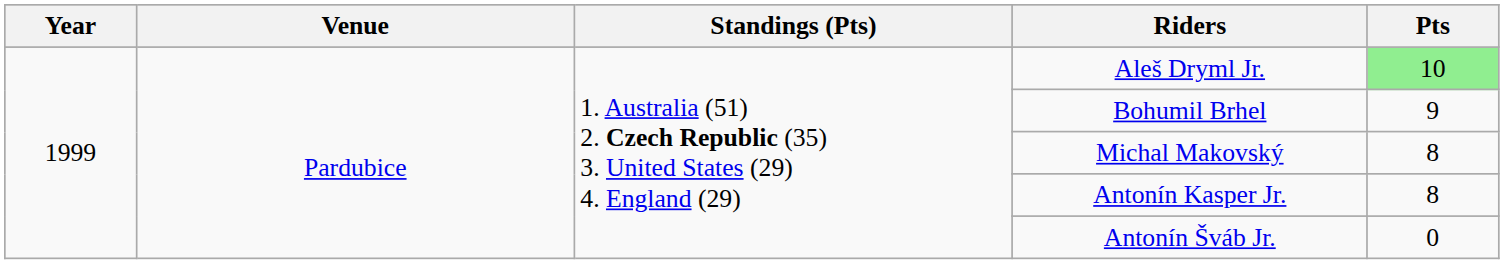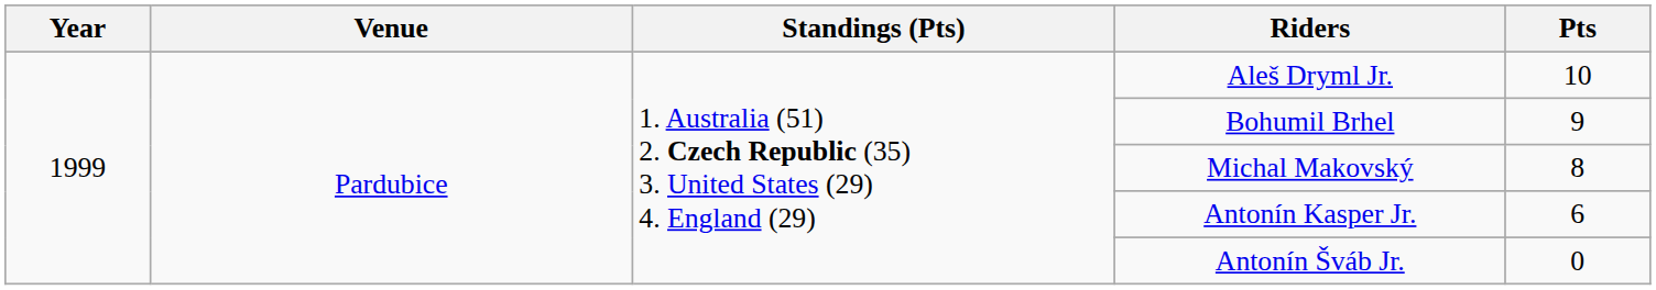 <table class="wikitable"   style="font-size: 95%; width: 70%; text-align: center;">
 <tr>
 <th width=40>Year</th>
 <th width=150>Venue</th>
 <th width=150>Standings (Pts)</th>
 <th width=120>Riders</th>
 <th width=40>Pts</th>
 </tr>
 <tr>
 <td rowspan="5">1999</td>
 <td rowspan="5"><br><a href='#'>Pardubice</a></td>
 <td rowspan="5" style="text-align: left;">1.  <a href='#'>Australia</a> (51)<br>2.  <strong>Czech Republic</strong> (35)<br>3.  <a href='#'>United States</a> (29)<br>4.  <a href='#'>England</a> (29)</td>
 <td><a href='#'>Aleš Dryml Jr.</a></td>
-<td style="background: lightgreen;">10</td>
+<td>10</td>
 </tr>
 <tr>
 <td><a href='#'>Bohumil Brhel</a></td>
 <td>9</td>
 </tr>
 <tr>
 <td><a href='#'>Michal Makovský</a></td>
 <td>8</td>
 </tr>
 <tr>
 <td><a href='#'>Antonín Kasper Jr.</a></td>
-<td>8</td>
+<td>6</td>
 </tr>
 <tr>
 <td><a href='#'>Antonín Šváb Jr.</a></td>
 <td>0</td>
 </tr>
 </table>
